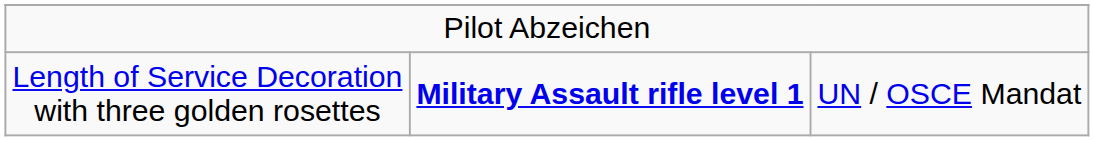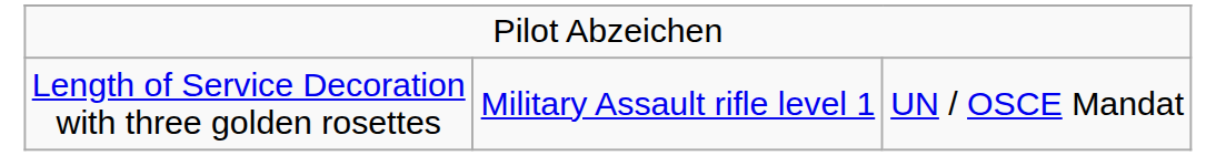 <table class="wikitable" style="margin:1em auto; text-align:center;">
 <tr>
 </tr>
 <tr>
 <td colspan=3>Pilot Abzeichen</td>
 </tr>
 <tr>
 <td><a href='#'>Length of Service Decoration</a><br>with three golden rosettes</td>
-<td><strong><a href='#'>Military Assault rifle level 1</a></strong></td>
+<td><a href='#'>Military Assault rifle level 1</a></td>
 <td><a href='#'>UN</a> / <a href='#'>OSCE</a> Mandat</td>
 </tr>
 </table>
